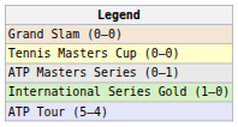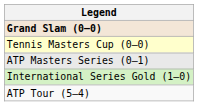 <table class="wikitable sortable">
 <tr>
 <th>Legend</th>
 </tr>
 <tr style="background:#f3e6d7;">
-<td>Grand Slam (0–0)</td>
+<td><strong>Grand Slam (0–0)</strong></td>
 </tr>
 <tr style="background:#ffffcc;">
 <td>Tennis Masters Cup (0–0)</td>
 </tr>
 <tr style="background:#e9e9e9;">
 <td>ATP Masters Series (0–1)</td>
 </tr>
 <tr style="background:#d4f1c5;">
 <td>International Series Gold (1–0)</td>
 </tr>
 <tr>
-<td style="background: lavender;">ATP Tour (5–4)</td>
+<td>ATP Tour (5–4)</td>
 </tr>
 </table>
